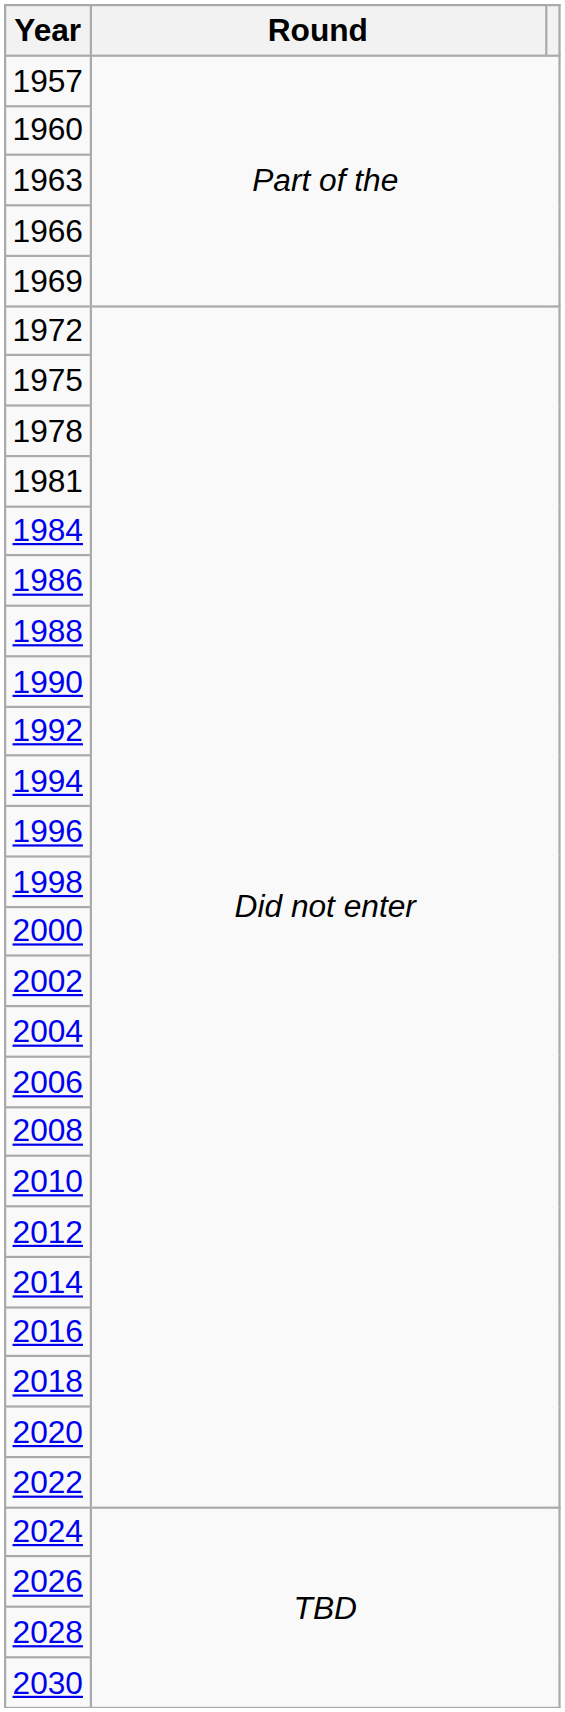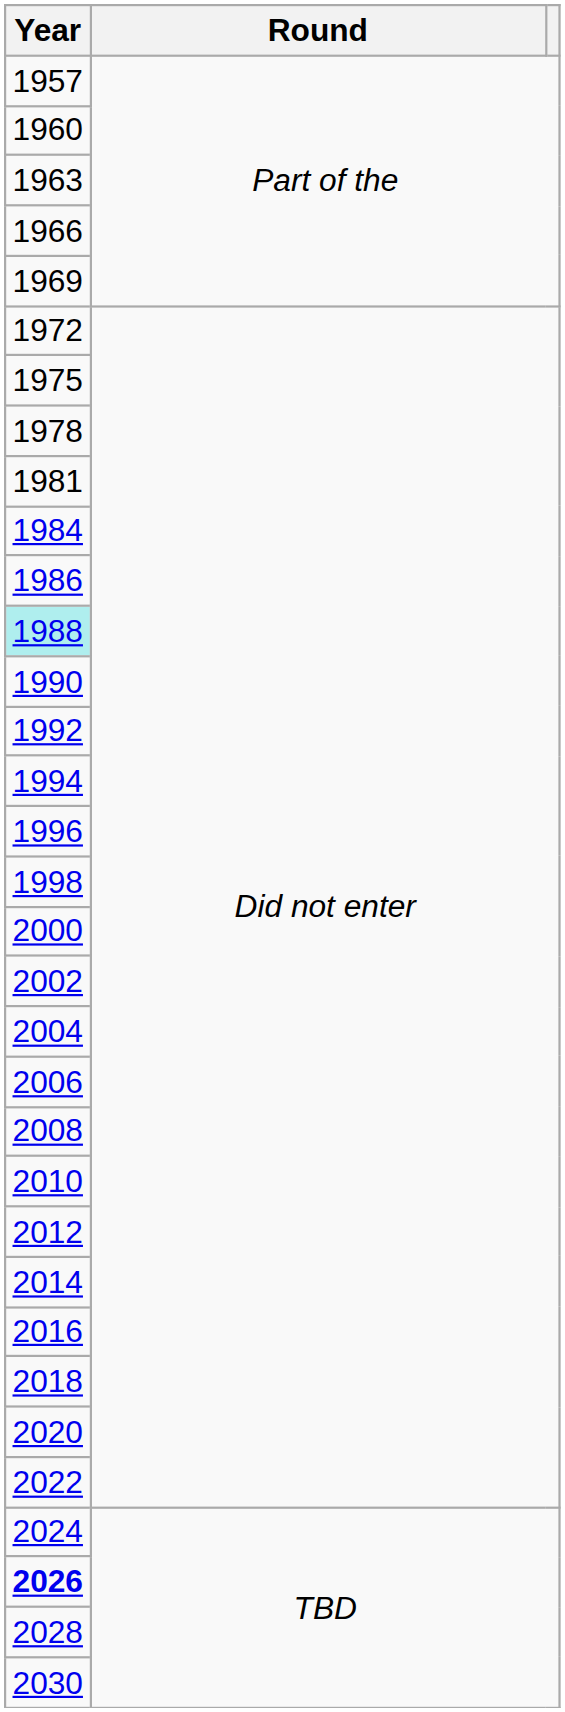 <table class="wikitable" style="text-align: center; font-size:90%">
 <tr>
 <th>Year</th>
 <th style="width:200px">Round</th>
 <th></th>
 </tr>
 <tr>
 <td>1957</td>
 <td colspan="2" rowspan="5"><em>Part of the </em></td>
 </tr>
 <tr>
 <td>1960</td>
 </tr>
 <tr>
 <td>1963</td>
 </tr>
 <tr>
 <td>1966</td>
 </tr>
 <tr>
 <td>1969</td>
 </tr>
 <tr>
 <td>1972</td>
 <td colspan="2" rowspan="24"><em>Did not enter</em></td>
 </tr>
 <tr>
 <td>1975</td>
 </tr>
 <tr>
 <td>1978</td>
 </tr>
 <tr>
 <td>1981</td>
 </tr>
 <tr>
 <td><a href='#'>1984</a></td>
 </tr>
 <tr>
 <td><a href='#'>1986</a></td>
 </tr>
 <tr>
-<td><a href='#'>1988</a></td>
+<td style="background: paleturquoise;"><a href='#'>1988</a></td>
 </tr>
 <tr>
 <td><a href='#'>1990</a></td>
 </tr>
 <tr>
 <td><a href='#'>1992</a></td>
 </tr>
 <tr>
 <td><a href='#'>1994</a></td>
 </tr>
 <tr>
 <td><a href='#'>1996</a></td>
 </tr>
 <tr>
 <td><a href='#'>1998</a></td>
 </tr>
 <tr>
 <td><a href='#'>2000</a></td>
 </tr>
 <tr>
 <td><a href='#'>2002</a></td>
 </tr>
 <tr>
 <td><a href='#'>2004</a></td>
 </tr>
 <tr>
 <td><a href='#'>2006</a></td>
 </tr>
 <tr>
 <td><a href='#'>2008</a></td>
 </tr>
 <tr>
 <td><a href='#'>2010</a></td>
 </tr>
 <tr>
 <td><a href='#'>2012</a></td>
 </tr>
 <tr>
 <td><a href='#'>2014</a></td>
 </tr>
 <tr>
 <td><a href='#'>2016</a></td>
 </tr>
 <tr>
 <td><a href='#'>2018</a></td>
 </tr>
 <tr>
 <td><a href='#'>2020</a></td>
 </tr>
 <tr>
 <td><a href='#'>2022</a></td>
 </tr>
 <tr>
 <td><a href='#'>2024</a></td>
 <td colspan="2" rowspan="4"><em>TBD</em></td>
 </tr>
 <tr>
-<td><a href='#'>2026</a></td>
+<td><strong><a href='#'>2026</a></strong></td>
 </tr>
 <tr>
 <td><a href='#'>2028</a></td>
 </tr>
 <tr>
 <td><a href='#'>2030</a></td>
 </tr>
 </table>
